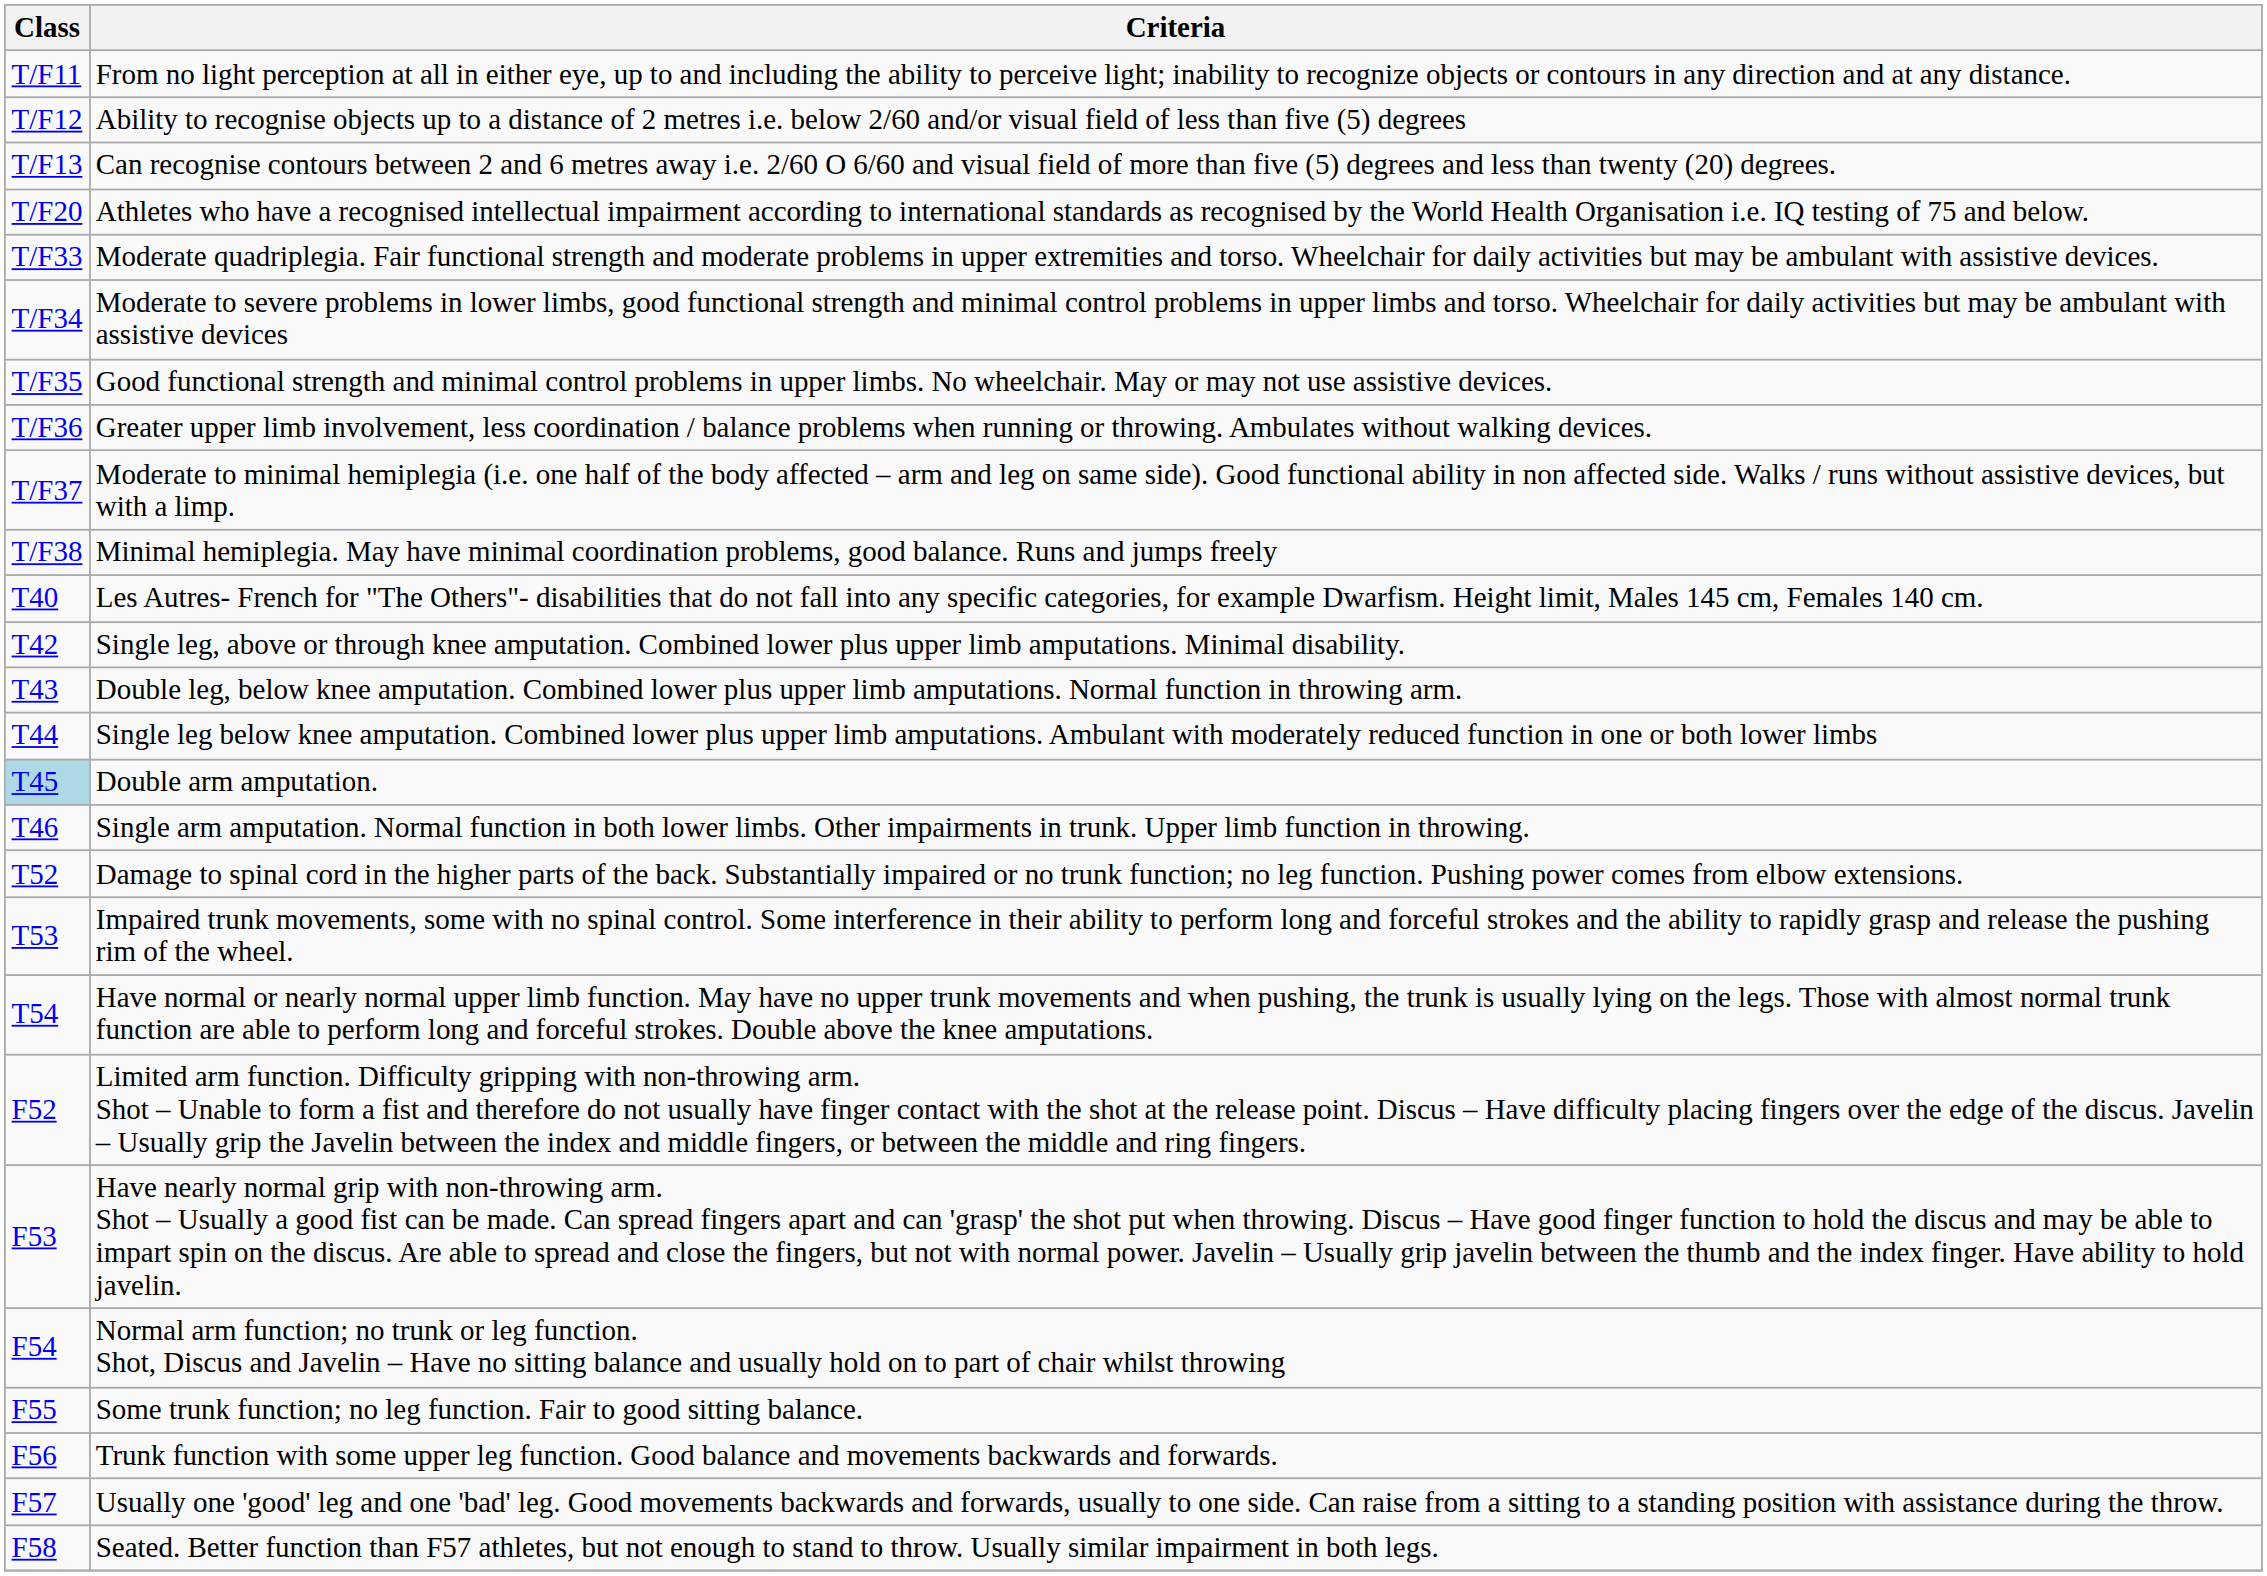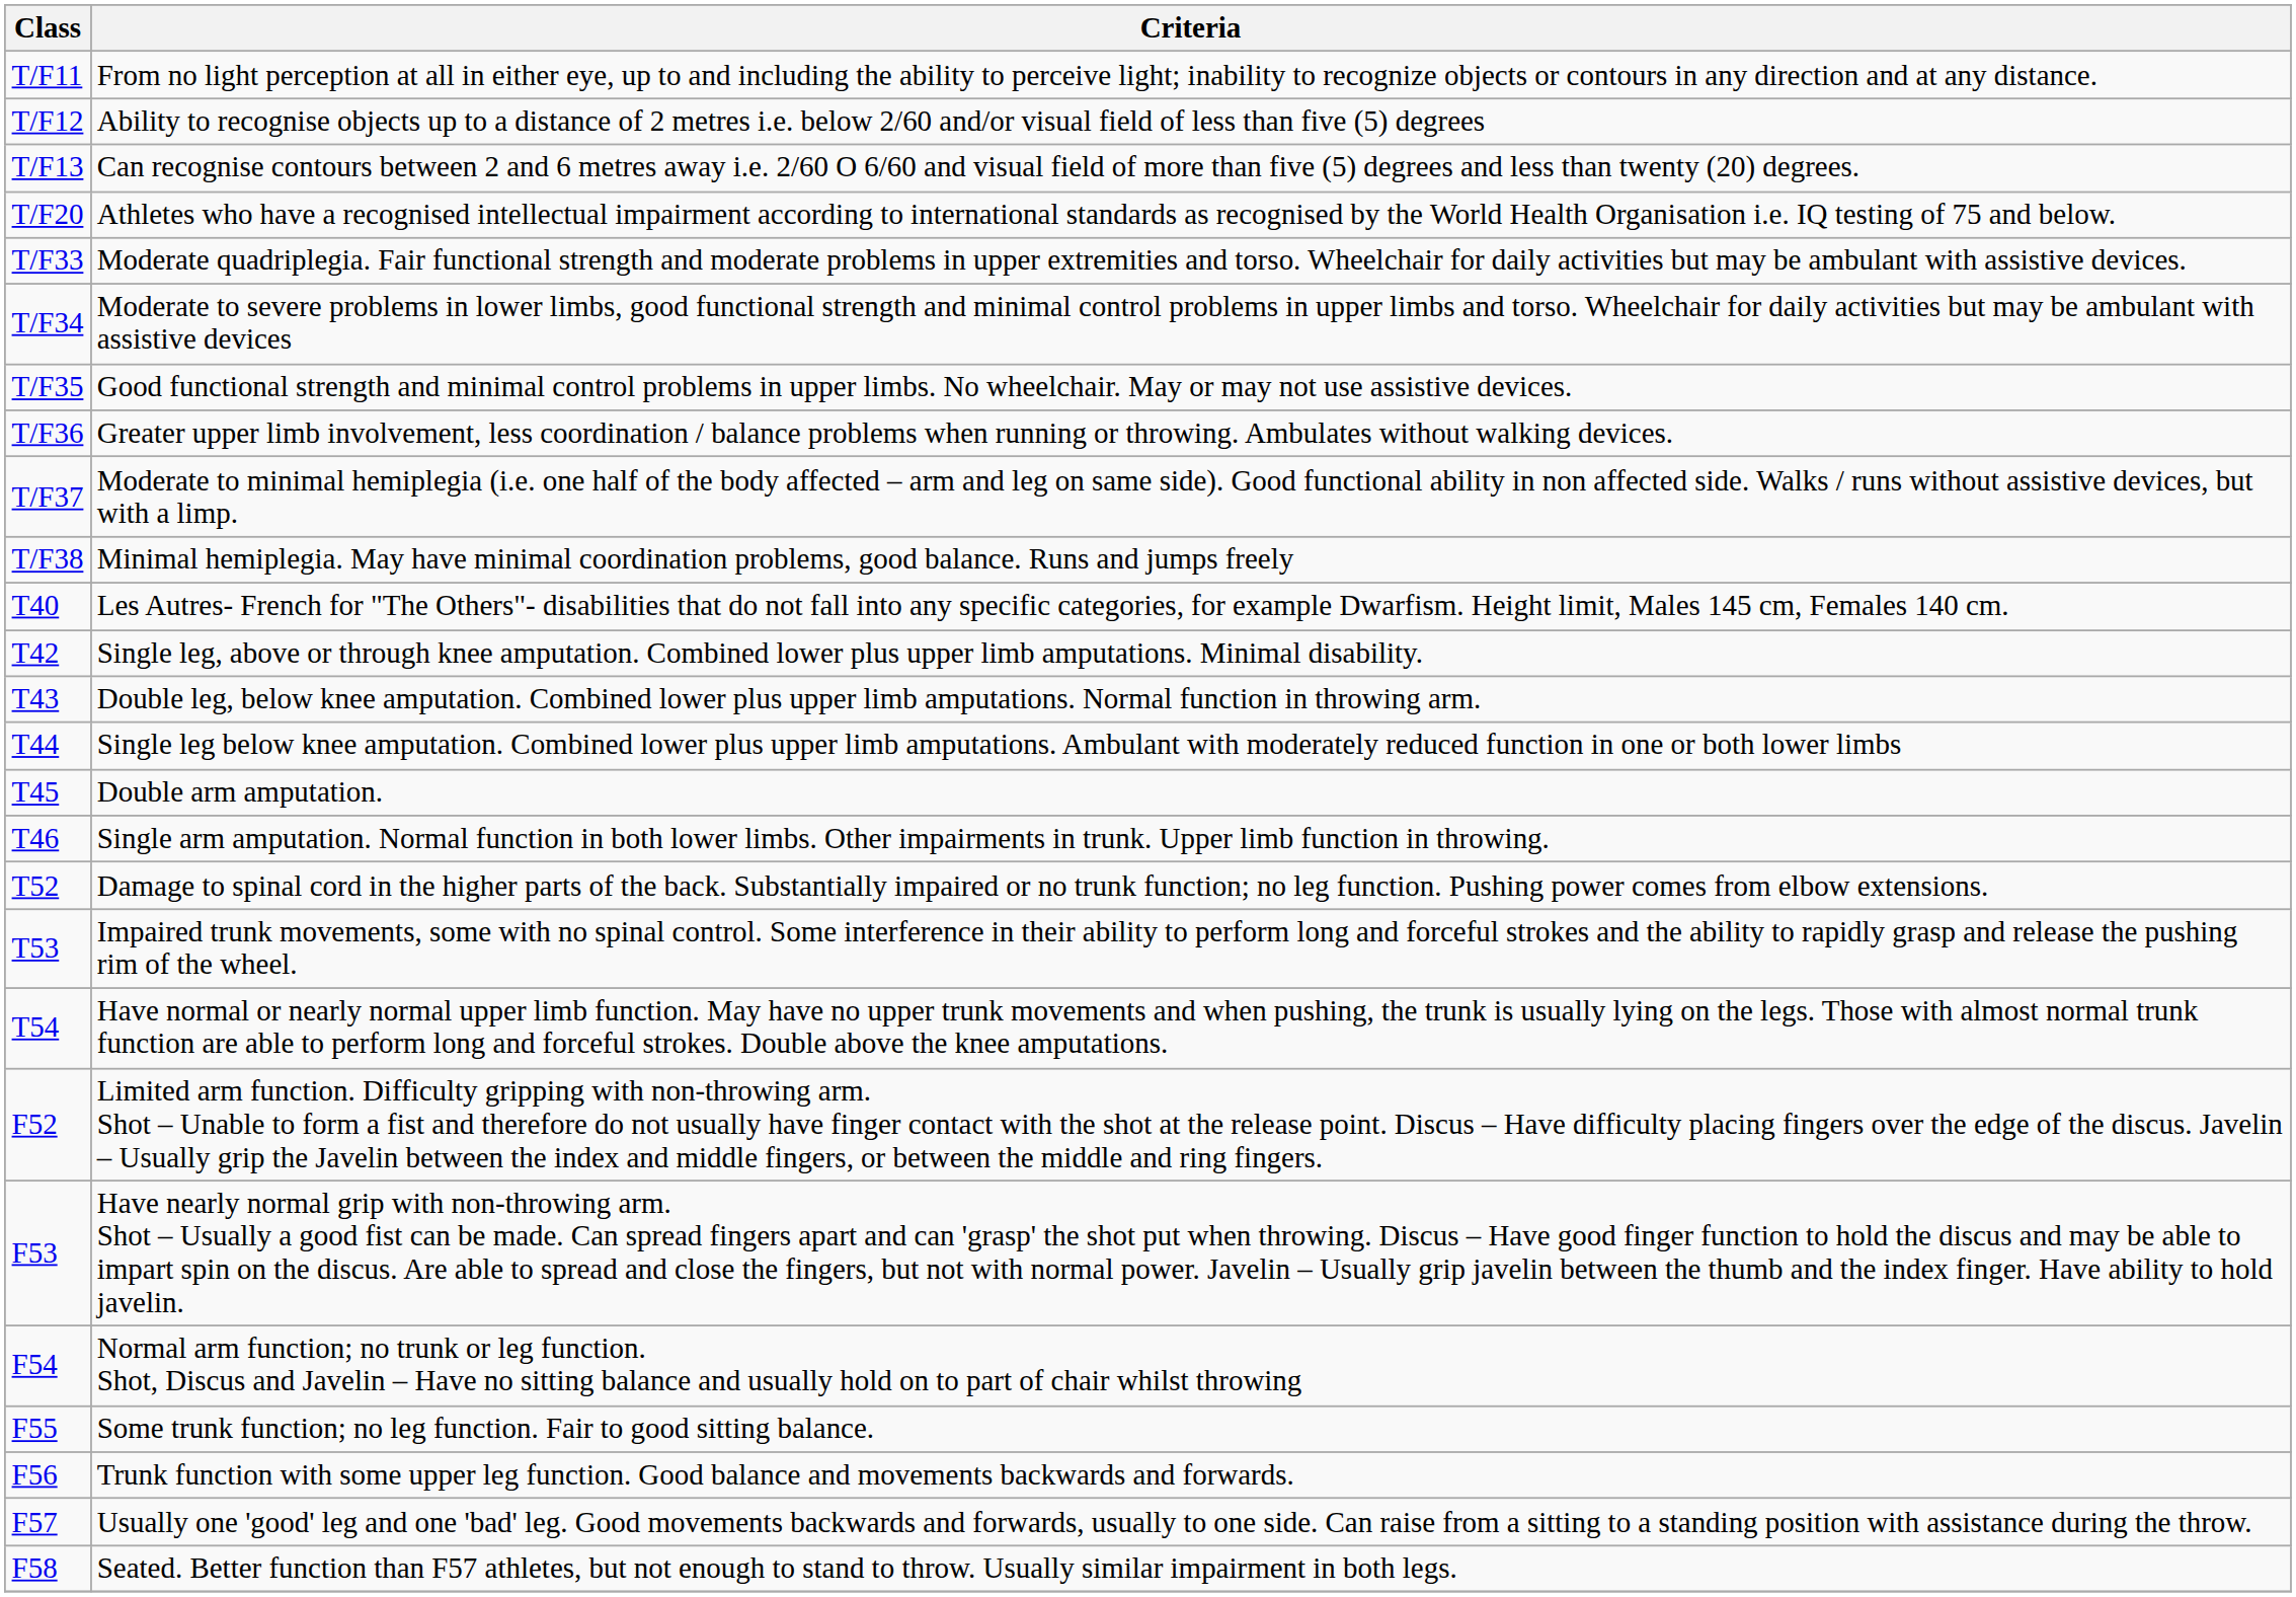 <table class="wikitable">
 <tr>
 <th>Class</th>
 <th>Criteria</th>
 </tr>
 <tr>
 <td><a href='#'>T/F11</a></td>
 <td>From no light perception at all in either eye, up to and including the ability to perceive light; inability to recognize objects or contours in any direction and at any distance.</td>
 </tr>
 <tr>
 <td><a href='#'>T/F12</a></td>
 <td>Ability to recognise objects up to a distance of 2 metres i.e. below 2/60 and/or visual field of less than five (5) degrees</td>
 </tr>
 <tr>
 <td><a href='#'>T/F13</a></td>
 <td>Can recognise contours between 2 and 6 metres away i.e. 2/60 O 6/60 and visual field of more than five (5) degrees and less than twenty (20) degrees.</td>
 </tr>
 <tr>
 <td><a href='#'>T/F20</a></td>
 <td>Athletes who have a recognised intellectual impairment according to  international standards as recognised by the World Health Organisation i.e. IQ testing of 75 and below.</td>
 </tr>
 <tr>
 <td><a href='#'>T/F33</a></td>
 <td>Moderate quadriplegia. Fair functional strength and moderate problems in upper extremities and torso. Wheelchair for daily activities but may be ambulant with assistive devices.</td>
 </tr>
 <tr>
 <td><a href='#'>T/F34</a></td>
 <td>Moderate to severe problems in lower limbs, good functional strength and minimal control problems in upper limbs and torso. Wheelchair for daily activities but may be ambulant with assistive devices</td>
 </tr>
 <tr>
 <td><a href='#'>T/F35</a></td>
 <td>Good functional strength and minimal control problems in upper limbs. No wheelchair. May or may not use assistive devices.</td>
 </tr>
 <tr>
 <td><a href='#'>T/F36</a></td>
 <td>Greater upper limb involvement, less coordination / balance problems when running or throwing. Ambulates without walking devices.</td>
 </tr>
 <tr>
 <td><a href='#'>T/F37</a></td>
 <td>Moderate to minimal hemiplegia (i.e. one half of the body affected – arm and leg on same side). Good functional ability in non affected side. Walks / runs without assistive devices, but with a limp.</td>
 </tr>
 <tr>
 <td><a href='#'>T/F38</a></td>
 <td>Minimal hemiplegia. May have minimal coordination problems, good balance. Runs and jumps freely</td>
 </tr>
 <tr>
 <td><a href='#'>T40</a></td>
 <td>Les Autres- French for "The Others"- disabilities that do not fall into any specific categories, for example Dwarfism. Height limit, Males 145 cm, Females 140 cm.</td>
 </tr>
 <tr>
 <td><a href='#'>T42</a></td>
 <td>Single leg, above or through knee amputation. Combined lower plus upper limb amputations. Minimal disability.</td>
 </tr>
 <tr>
 <td><a href='#'>T43</a></td>
 <td>Double leg, below knee amputation. Combined lower plus upper limb amputations. Normal function in throwing arm.</td>
 </tr>
 <tr>
 <td><a href='#'>T44</a></td>
 <td>Single leg below knee amputation. Combined lower plus upper limb amputations. Ambulant with moderately reduced function in one or both lower limbs</td>
 </tr>
 <tr>
-<td style="background: lightblue;"><a href='#'>T45</a></td>
+<td><a href='#'>T45</a></td>
 <td>Double arm amputation.</td>
 </tr>
 <tr>
 <td><a href='#'>T46</a></td>
 <td>Single arm amputation. Normal function in both lower limbs. Other impairments in trunk. Upper limb function in throwing.</td>
 </tr>
 <tr>
 <td><a href='#'>T52</a></td>
 <td>Damage to spinal cord in the higher parts of the back. Substantially impaired or no trunk function; no leg function. Pushing power comes from elbow extensions.</td>
 </tr>
 <tr>
 <td><a href='#'>T53</a></td>
 <td>Impaired trunk movements, some with no spinal control. Some interference in their ability to perform long and forceful strokes and the ability to rapidly grasp and release the pushing rim of the wheel.</td>
 </tr>
 <tr>
 <td><a href='#'>T54</a></td>
 <td>Have normal or nearly normal upper limb function. May have no upper trunk movements and when pushing, the trunk is usually lying on the legs. Those with almost normal trunk function are able to perform long and forceful strokes. Double above the knee amputations.</td>
 </tr>
 <tr>
 <td><a href='#'>F52</a></td>
 <td>Limited arm function. Difficulty gripping with non-throwing arm.<br>Shot – Unable to form a fist and therefore do not usually have finger contact with the shot at the release point.   Discus – Have difficulty placing fingers over the edge of the discus.  Javelin – Usually grip the Javelin between the index and middle fingers, or between the middle and ring fingers.</td>
 </tr>
 <tr>
 <td><a href='#'>F53</a></td>
 <td>Have nearly normal grip with non-throwing arm.<br>Shot – Usually a good fist can be made. Can spread fingers apart and can 'grasp' the shot put when throwing.   Discus – Have good finger function to hold the discus and may be able to impart spin on the discus. Are able to spread and close the fingers, but not with normal power.   Javelin – Usually grip javelin between the thumb and the index finger. Have ability to hold javelin.</td>
 </tr>
 <tr>
 <td><a href='#'>F54</a></td>
 <td>Normal arm function; no trunk or leg function.<br>Shot, Discus and Javelin – Have no sitting balance and usually hold on to part of chair whilst throwing</td>
 </tr>
 <tr>
 <td><a href='#'>F55</a></td>
 <td>Some trunk function; no leg function. Fair to good sitting balance.</td>
 </tr>
 <tr>
 <td><a href='#'>F56</a></td>
 <td>Trunk function with some upper leg function. Good balance and movements backwards and forwards.</td>
 </tr>
 <tr>
 <td><a href='#'>F57</a></td>
 <td>Usually one 'good' leg and one 'bad' leg. Good movements backwards and forwards, usually to one side. Can raise from a sitting to a standing position with assistance during the throw.</td>
 </tr>
 <tr>
 <td><a href='#'>F58</a></td>
 <td>Seated. Better function than F57 athletes, but not enough to stand to throw. Usually similar impairment in both legs.</td>
 </tr>
 <tr>
 </tr>
 </table>
